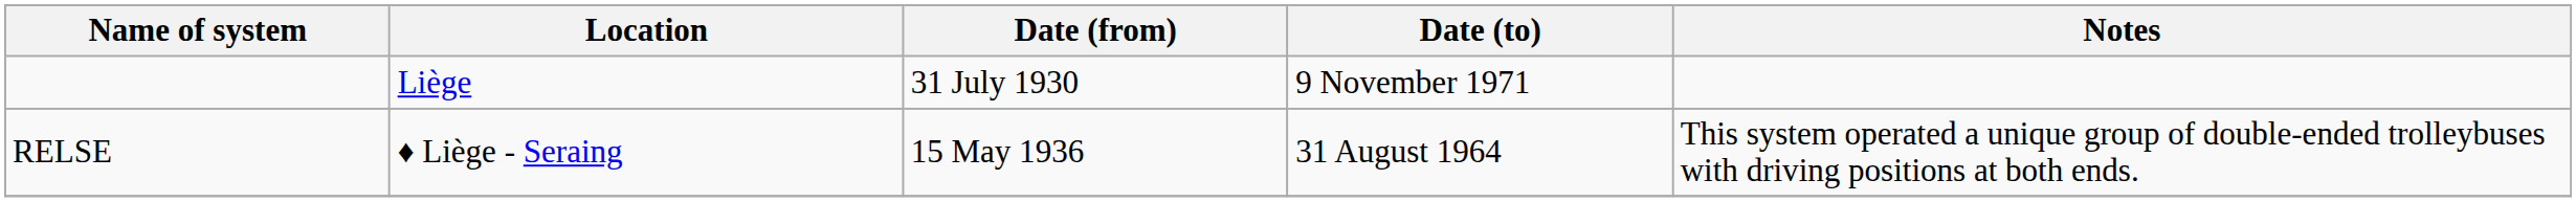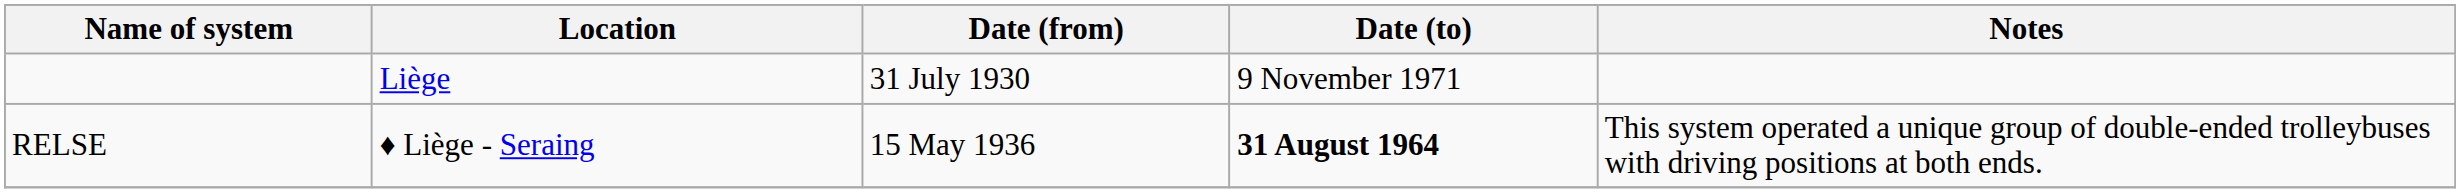 <table class="wikitable" width=100%>
 <tr>
 <th width=15%>Name of system</th>
 <th width=20%>Location</th>
 <th width=15%>Date (from)</th>
 <th width=15%>Date (to)</th>
 <th width=35%>Notes</th>
 </tr>
 <tr>
 <td> </td>
 <td><a href='#'>Liège</a></td>
 <td>31 July 1930</td>
 <td>9 November 1971</td>
 <td> </td>
 </tr>
 <tr>
 <td>RELSE</td>
 <td>♦ Liège - <a href='#'>Seraing</a></td>
 <td>15 May 1936</td>
-<td>31 August 1964</td>
+<td><strong>31 August 1964</strong></td>
 <td>This system operated a unique group of double-ended trolleybuses with driving positions at both ends.</td>
 </tr>
 <tr>
 </tr>
 </table>
